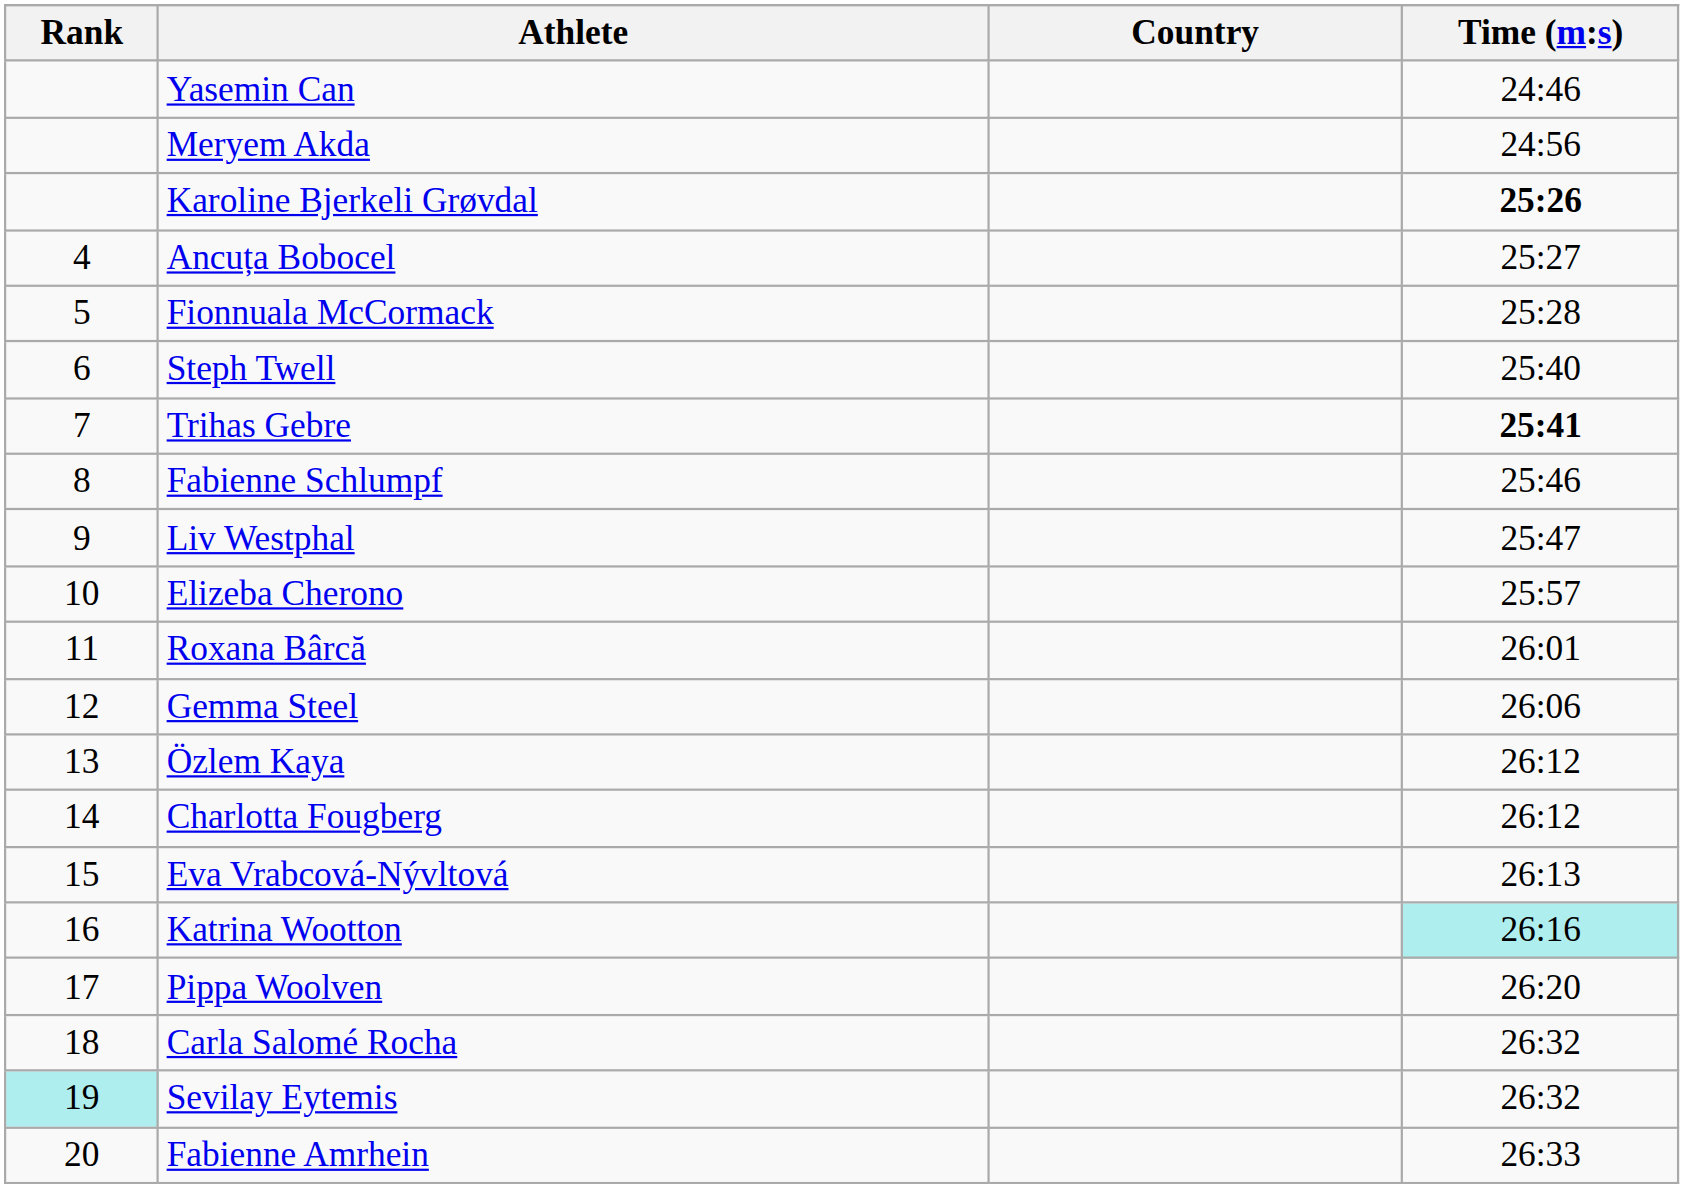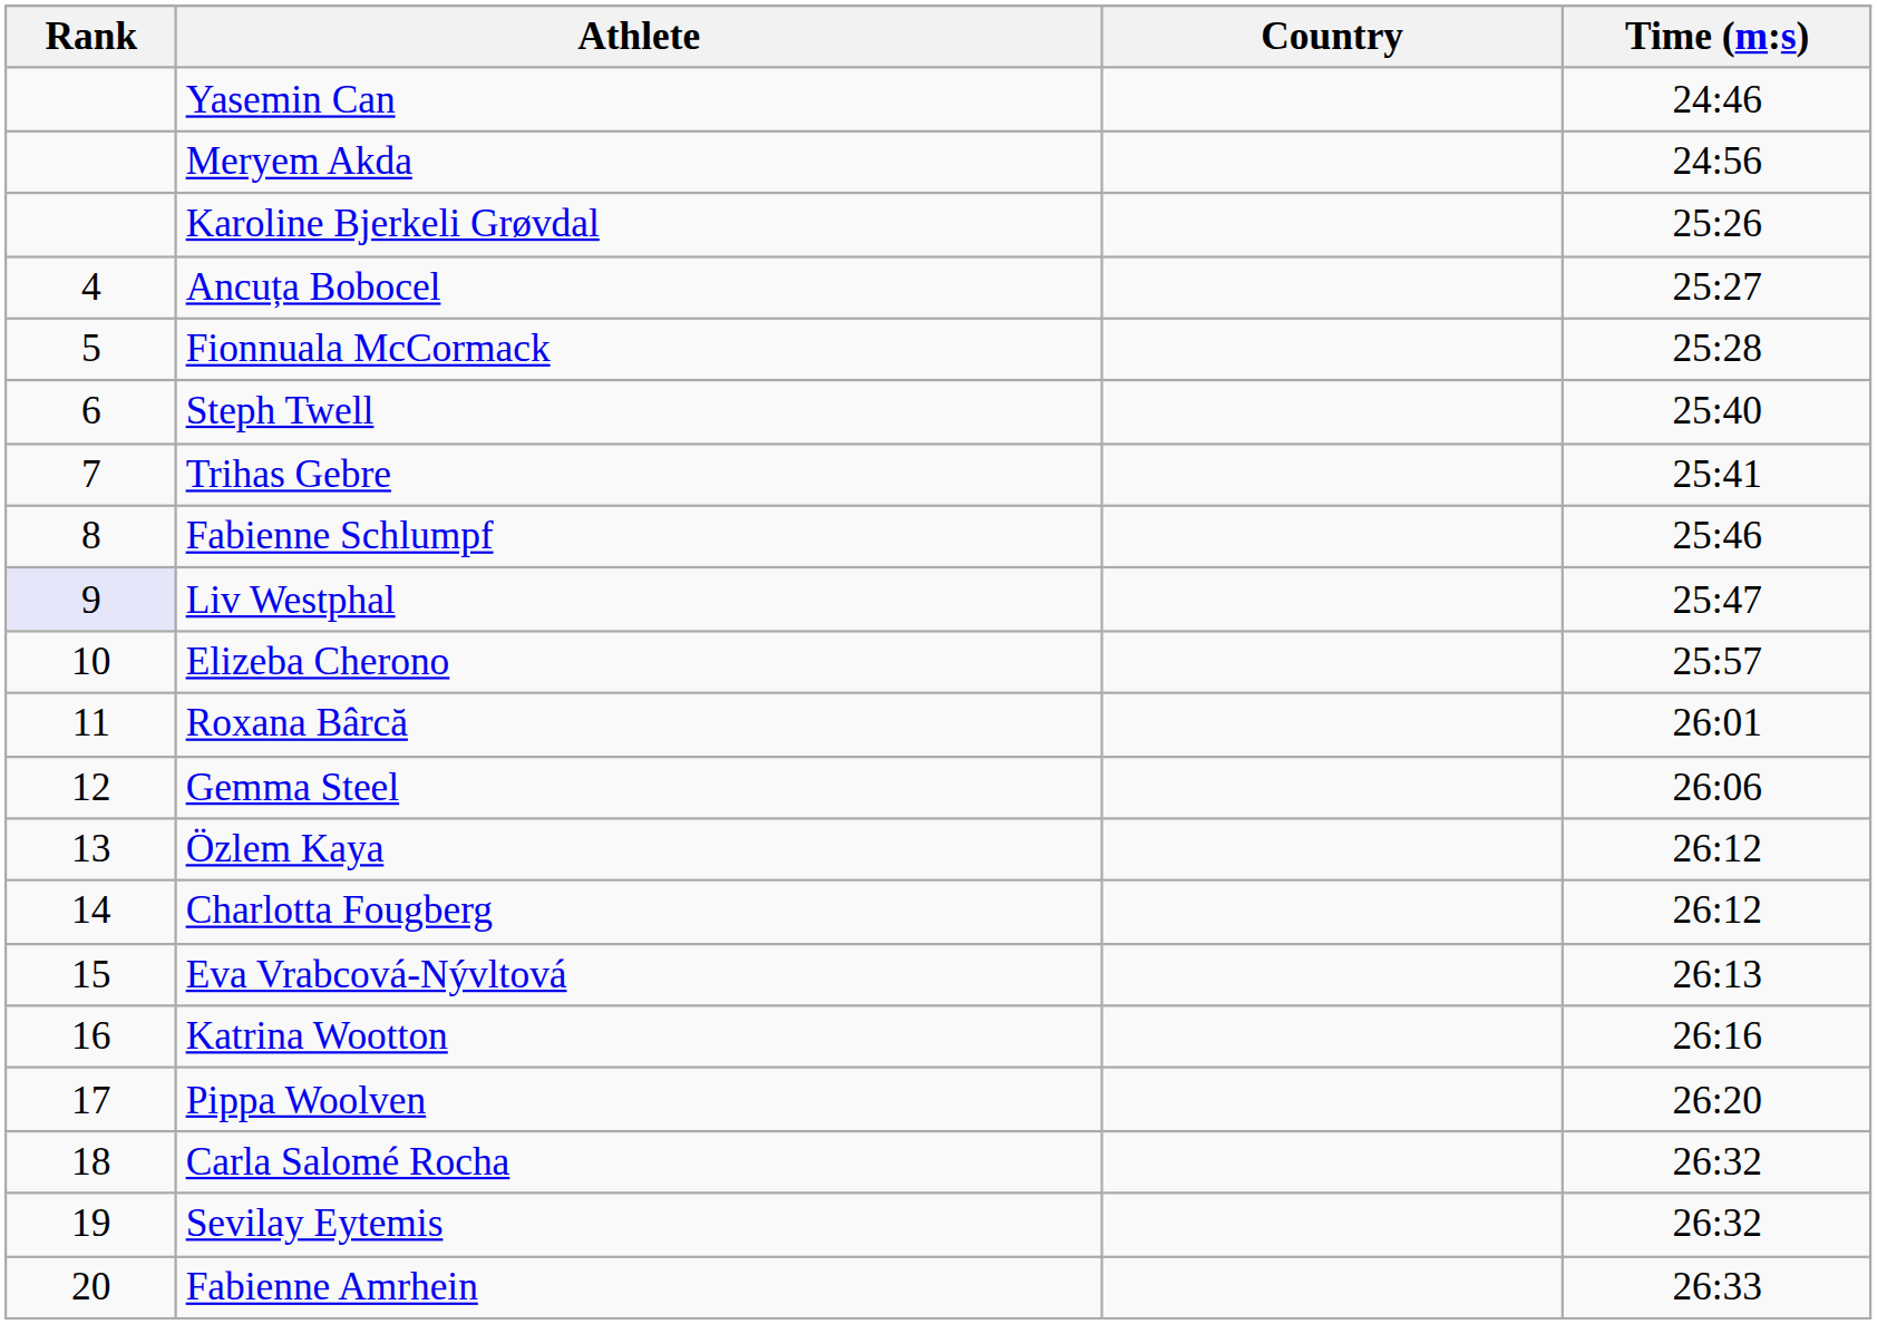 <table class="wikitable" style="text-align:center;" width="60%">
 <tr>
 </tr>
 <tr>
 <th width=5%>Rank</th>
 <th width=30%>Athlete</th>
 <th width=15%>Country</th>
 <th width=10%>Time (<a href='#'>m</a>:<a href='#'>s</a>)</th>
 </tr>
 <tr>
 <td></td>
 <td align=left><a href='#'>Yasemin Can</a></td>
 <td align=left></td>
 <td>24:46</td>
 </tr>
 <tr>
 <td></td>
 <td align=left><a href='#'>Meryem Akda</a></td>
 <td align=left></td>
 <td>24:56</td>
 </tr>
 <tr>
 <td></td>
 <td align=left><a href='#'>Karoline Bjerkeli Grøvdal</a></td>
 <td align=left></td>
-<td><strong>25:26</strong></td>
+<td>25:26</td>
 </tr>
 <tr>
 <td>4</td>
 <td align=left><a href='#'>Ancuța Bobocel</a></td>
 <td align=left></td>
 <td>25:27</td>
 </tr>
 <tr>
 <td>5</td>
 <td align=left><a href='#'>Fionnuala McCormack</a></td>
 <td align=left></td>
 <td>25:28</td>
 </tr>
 <tr>
 <td>6</td>
 <td align=left><a href='#'>Steph Twell</a></td>
 <td align=left></td>
 <td>25:40</td>
 </tr>
 <tr>
 <td>7</td>
 <td align=left><a href='#'>Trihas Gebre</a></td>
 <td align=left></td>
-<td><strong>25:41</strong></td>
+<td>25:41</td>
 </tr>
 <tr>
 <td>8</td>
 <td align=left><a href='#'>Fabienne Schlumpf</a></td>
 <td align=left></td>
 <td>25:46</td>
 </tr>
 <tr>
-<td>9</td>
+<td style="background: lavender;">9</td>
 <td align=left><a href='#'>Liv Westphal</a></td>
 <td align=left></td>
 <td>25:47</td>
 </tr>
 <tr>
 <td>10</td>
 <td align=left><a href='#'>Elizeba Cherono</a></td>
 <td align=left></td>
 <td>25:57</td>
 </tr>
 <tr>
 <td>11</td>
 <td align=left><a href='#'>Roxana Bârcă</a></td>
 <td align=left></td>
 <td>26:01</td>
 </tr>
 <tr>
 <td>12</td>
 <td align=left><a href='#'>Gemma Steel</a></td>
 <td align=left></td>
 <td>26:06</td>
 </tr>
 <tr>
 <td>13</td>
 <td align=left><a href='#'>Özlem Kaya</a></td>
 <td align=left></td>
 <td>26:12</td>
 </tr>
 <tr>
 <td>14</td>
 <td align=left><a href='#'>Charlotta Fougberg</a></td>
 <td align=left></td>
 <td>26:12</td>
 </tr>
 <tr>
 <td>15</td>
 <td align=left><a href='#'>Eva Vrabcová-Nývltová</a></td>
 <td align=left></td>
 <td>26:13</td>
 </tr>
 <tr>
 <td>16</td>
 <td align=left><a href='#'>Katrina Wootton</a></td>
 <td align=left></td>
-<td style="background: paleturquoise;">26:16</td>
+<td>26:16</td>
 </tr>
 <tr>
 <td>17</td>
 <td align=left><a href='#'>Pippa Woolven</a></td>
 <td align=left></td>
 <td>26:20</td>
 </tr>
 <tr>
 <td>18</td>
 <td align=left><a href='#'>Carla Salomé Rocha</a></td>
 <td align=left></td>
 <td>26:32</td>
 </tr>
 <tr>
-<td style="background: paleturquoise;">19</td>
+<td>19</td>
 <td align=left><a href='#'>Sevilay Eytemis</a></td>
 <td align=left></td>
 <td>26:32</td>
 </tr>
 <tr>
 <td>20</td>
 <td align=left><a href='#'>Fabienne Amrhein</a></td>
 <td align=left></td>
 <td>26:33</td>
 </tr>
 </table>
